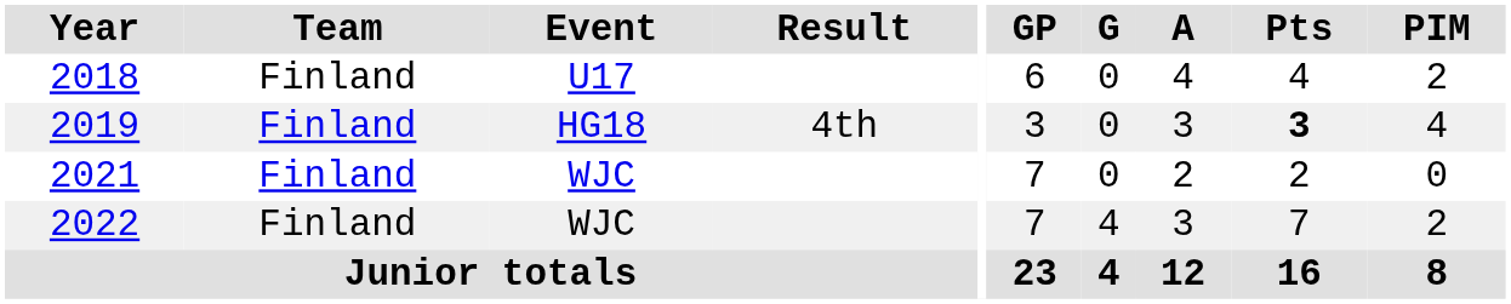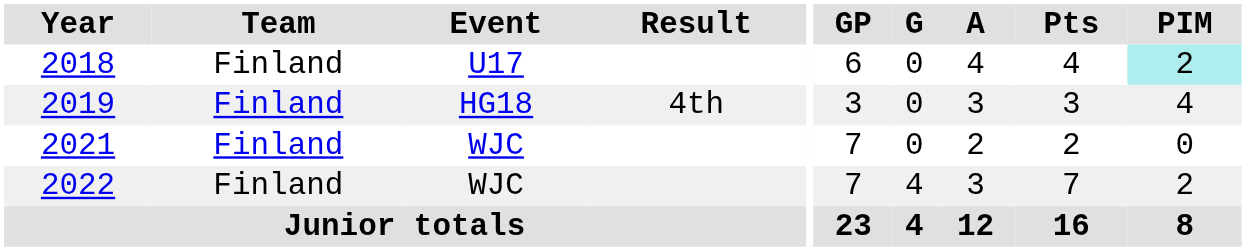 <table border="0" cellpadding="1" cellspacing="0" ID="Table3" style="text-align:center; width:40em">
 <tr ALIGN="center" bgcolor="#e0e0e0">
 <th>Year</th>
 <th>Team</th>
 <th>Event</th>
 <th>Result</th>
 <th rowspan="99" bgcolor="#ffffff"></th>
 <th>GP</th>
 <th>G</th>
 <th>A</th>
 <th>Pts</th>
 <th>PIM</th>
 </tr>
 <tr style="text-align:center;">
 <td><a href='#'>2018</a></td>
 <td>Finland</td>
 <td><a href='#'>U17</a></td>
 <td></td>
 <td>6</td>
 <td>0</td>
 <td>4</td>
 <td>4</td>
-<td>2</td>
+<td style="background: paleturquoise;">2</td>
 </tr>
 <tr style="text-align:center; background:#f0f0f0;">
 <td><a href='#'>2019</a></td>
 <td><a href='#'>Finland</a></td>
 <td><a href='#'>HG18</a></td>
 <td>4th</td>
 <td>3</td>
 <td>0</td>
 <td>3</td>
-<td><strong>3</strong></td>
+<td>3</td>
 <td>4</td>
 </tr>
 <tr>
 <td><a href='#'>2021</a></td>
 <td><a href='#'>Finland</a></td>
 <td><a href='#'>WJC</a></td>
 <td></td>
 <td>7</td>
 <td>0</td>
 <td>2</td>
 <td>2</td>
 <td>0</td>
 </tr>
 <tr style="text-align:center; background:#f0f0f0;">
 <td><a href='#'>2022</a></td>
 <td>Finland</td>
 <td>WJC</td>
 <td></td>
 <td>7</td>
 <td>4</td>
 <td>3</td>
 <td>7</td>
 <td>2</td>
 </tr>
 <tr ALIGN="center" bgcolor="#e0e0e0">
 <th colspan=4>Junior totals</th>
 <th>23</th>
 <th>4</th>
 <th>12</th>
 <th>16</th>
 <th>8</th>
 </tr>
 </table>
